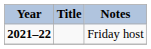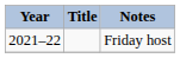 <table class="wikitable" style="font-size: 100%;">
 <tr>
 <th style="background:#B0C4DE;">Year</th>
 <th style="background:#B0C4DE;">Title</th>
 <th style="background:#B0C4DE;">Notes</th>
 </tr>
 <tr>
-<td><strong>2021–22</strong></td>
+<td>2021–22</td>
 <td><em></em></td>
 <td>Friday host</td>
 </tr>
 <tr>
 </tr>
 </table>
